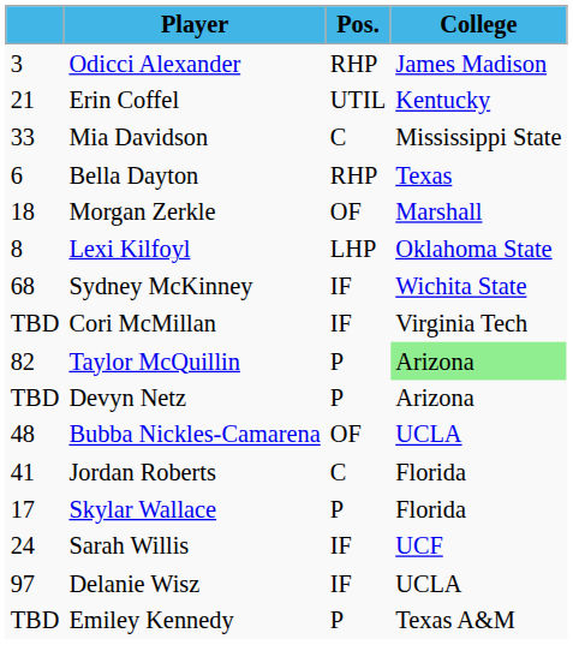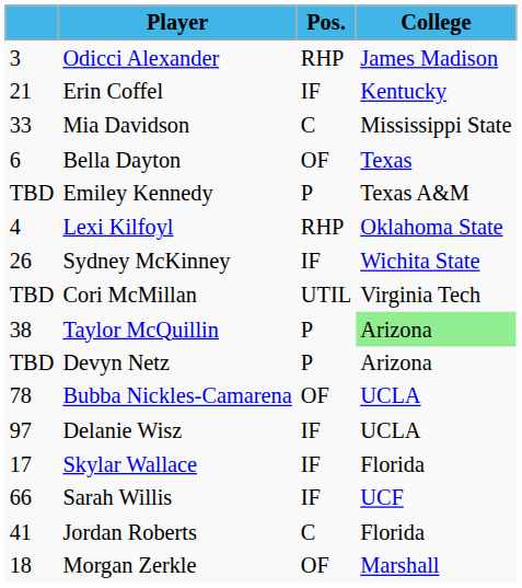 <table class="wikitable" style="border:none;">
 <tr>
 <th style="background:#41B6E6; color:#000; "></th>
 <th style="background:#41B6E6; color:#000; ">Player</th>
 <th style="background:#41B6E6; color:#000; ">Pos.</th>
 <th style="background:#41B6E6; color:#000; ">College</th>
 </tr>
 <tr>
 <td style="border:none">3</td>
 <td style="border:none; text-align:left"><a href='#'>Odicci Alexander</a></td>
 <td style="border:none">RHP</td>
 <td style="border:none; text-align:left"><a href='#'>James Madison</a></td>
 </tr>
 <tr>
 <td style="border:none">21</td>
 <td style="border:none; text-align:left">Erin Coffel</td>
-<td style="border:none">UTIL</td>
+<td style="border:none">IF</td>
 <td style="border:none; text-align:left"><a href='#'>Kentucky</a></td>
 </tr>
 <tr>
 <td style="border:none">33</td>
 <td style="border:none; text-align:left">Mia Davidson</td>
 <td style="border:none">C</td>
 <td style="border:none; text-align:left">Mississippi State</td>
 </tr>
 <tr>
 <td style="border:none">6</td>
 <td style="border:none; text-align:left">Bella Dayton</td>
-<td style="border:none">RHP</td>
+<td style="border:none">OF</td>
 <td style="border:none; text-align:left"><a href='#'>Texas</a></td>
 </tr>
 <tr>
-<td style="border:none">18</td>
-<td style="border:none; text-align:left">Morgan Zerkle</td>
-<td style="border:none">OF</td>
-<td style="border:none; text-align:left"><a href='#'>Marshall</a></td>
+<td style="border:none">TBD</td>
+<td style="border:none; text-align:left">Emiley Kennedy</td>
+<td style="border:none">P</td>
+<td style="border:none; text-align:left">Texas A&M</td>
 </tr>
 <tr>
-<td style="border:none">8</td>
+<td style="border:none">4</td>
 <td style="border:none; text-align:left"><a href='#'>Lexi Kilfoyl</a></td>
-<td style="border:none">LHP</td>
+<td style="border:none">RHP</td>
 <td style="border:none; text-align:left"><a href='#'>Oklahoma State</a></td>
 </tr>
 <tr>
-<td style="border:none">68</td>
+<td style="border:none">26</td>
 <td style="border:none; text-align:left">Sydney McKinney</td>
 <td style="border:none">IF</td>
 <td style="border:none; text-align:left"><a href='#'>Wichita State</a></td>
 </tr>
 <tr>
 <td style="border:none">TBD</td>
 <td style="border:none; text-align:left">Cori McMillan</td>
-<td style="border:none">IF</td>
+<td style="border:none">UTIL</td>
 <td style="border:none; text-align:left">Virginia Tech</td>
 </tr>
 <tr>
-<td style="border:none">82</td>
+<td style="border:none">38</td>
 <td style="border:none; text-align:left"><a href='#'>Taylor McQuillin</a></td>
 <td style="border:none">P</td>
 <td style="background: lightgreen; border:none; text-align:left">Arizona</td>
 </tr>
 <tr>
 <td style="border:none">TBD</td>
 <td style="border:none; text-align:left">Devyn Netz</td>
 <td style="border:none">P</td>
 <td style="border:none; text-align:left">Arizona</td>
 </tr>
 <tr>
-<td style="border:none">48</td>
+<td style="border:none">78</td>
 <td style="border:none; text-align:left"><a href='#'>Bubba Nickles-Camarena</a></td>
 <td style="border:none">OF</td>
 <td style="border:none; text-align:left"><a href='#'>UCLA</a></td>
+</tr>
+<tr>
+<td style="border:none">97</td>
+<td style="border:none; text-align:left">Delanie Wisz</td>
+<td style="border:none">IF</td>
+<td style="border:none; text-align:left">UCLA</td>
+</tr>
+<tr>
+<td style="border:none">17</td>
+<td style="border:none; text-align:left"><a href='#'>Skylar Wallace</a></td>
+<td style="border:none">IF</td>
+<td style="border:none; text-align:left">Florida</td>
+</tr>
+<tr>
+<td style="border:none">66</td>
+<td style="border:none; text-align:left">Sarah Willis</td>
+<td style="border:none">IF</td>
+<td style="border:none; text-align:left"><a href='#'>UCF</a></td>
 </tr>
 <tr>
 <td style="border:none">41</td>
 <td style="border:none; text-align:left">Jordan Roberts</td>
 <td style="border:none">C</td>
 <td style="border:none; text-align:left">Florida</td>
 </tr>
 <tr>
-<td style="border:none">17</td>
-<td style="border:none; text-align:left"><a href='#'>Skylar Wallace</a></td>
-<td style="border:none">P</td>
-<td style="border:none; text-align:left">Florida</td>
-</tr>
-<tr>
-<td style="border:none">24</td>
-<td style="border:none; text-align:left">Sarah Willis</td>
-<td style="border:none">IF</td>
-<td style="border:none; text-align:left"><a href='#'>UCF</a></td>
-</tr>
-<tr>
-<td style="border:none">97</td>
-<td style="border:none; text-align:left">Delanie Wisz</td>
-<td style="border:none">IF</td>
-<td style="border:none; text-align:left">UCLA</td>
-</tr>
-<tr>
-<td style="border:none">TBD</td>
-<td style="border:none; text-align:left">Emiley Kennedy</td>
-<td style="border:none">P</td>
-<td style="border:none; text-align:left">Texas A&M</td>
+<td style="border:none">18</td>
+<td style="border:none; text-align:left">Morgan Zerkle</td>
+<td style="border:none">OF</td>
+<td style="border:none; text-align:left"><a href='#'>Marshall</a></td>
 </tr>
 </table>
